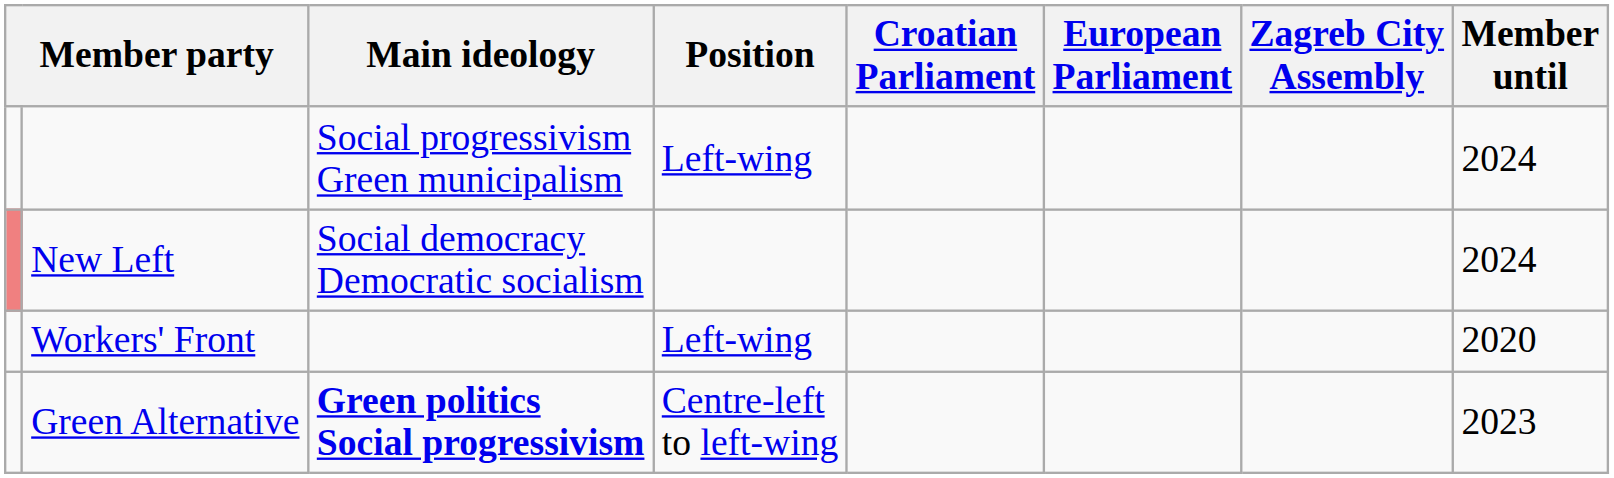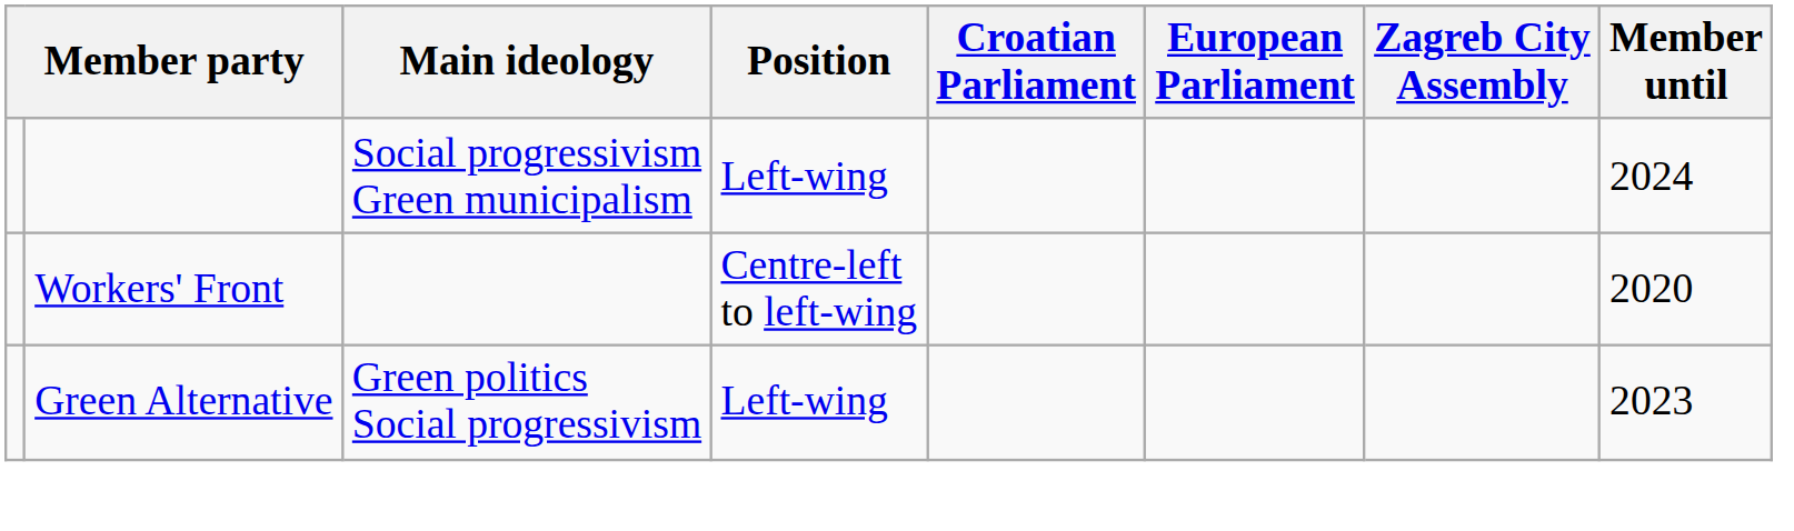 <table class=wikitable style=text-align:left>
 <tr>
 <th colspan=2>Member party</th>
 <th>Main ideology</th>
 <th>Position</th>
 <th><a href='#'>Croatian<br>Parliament</a><br></th>
 <th><a href='#'>European<br>Parliament</a><br></th>
 <th><a href='#'>Zagreb City<br>Assembly</a><br></th>
 <th>Member<br>until</th>
 </tr>
 <tr>
 <td></td>
 <td></td>
 <td><a href='#'>Social progressivism</a><br><a href='#'>Green municipalism</a></td>
 <td><a href='#'>Left-wing</a></td>
 <td></td>
 <td></td>
 <td></td>
 <td>2024</td>
 </tr>
 <tr>
-<td bgcolor="#F08080"></td>
-<td><a href='#'>New Left</a></td>
-<td><a href='#'>Social democracy</a><br><a href='#'>Democratic socialism</a></td>
-<td></td>
-<td></td>
-<td></td>
-<td></td>
-<td>2024</td>
-</tr>
-<tr>
 <td></td>
 <td><a href='#'>Workers' Front</a></td>
 <td></td>
-<td><a href='#'>Left-wing</a></td>
+<td><a href='#'>Centre-left</a><br>to <a href='#'>left-wing</a></td>
 <td></td>
 <td></td>
 <td></td>
 <td>2020</td>
 </tr>
 <tr>
 <td></td>
 <td><a href='#'>Green Alternative</a></td>
-<td><strong><a href='#'>Green politics</a><br><a href='#'>Social progressivism</a></strong></td>
-<td><a href='#'>Centre-left</a><br>to <a href='#'>left-wing</a></td>
+<td><a href='#'>Green politics</a><br><a href='#'>Social progressivism</a></td>
+<td><a href='#'>Left-wing</a></td>
 <td></td>
 <td></td>
 <td></td>
 <td {{nowrap>2023</td>
 </tr>
 </table>
